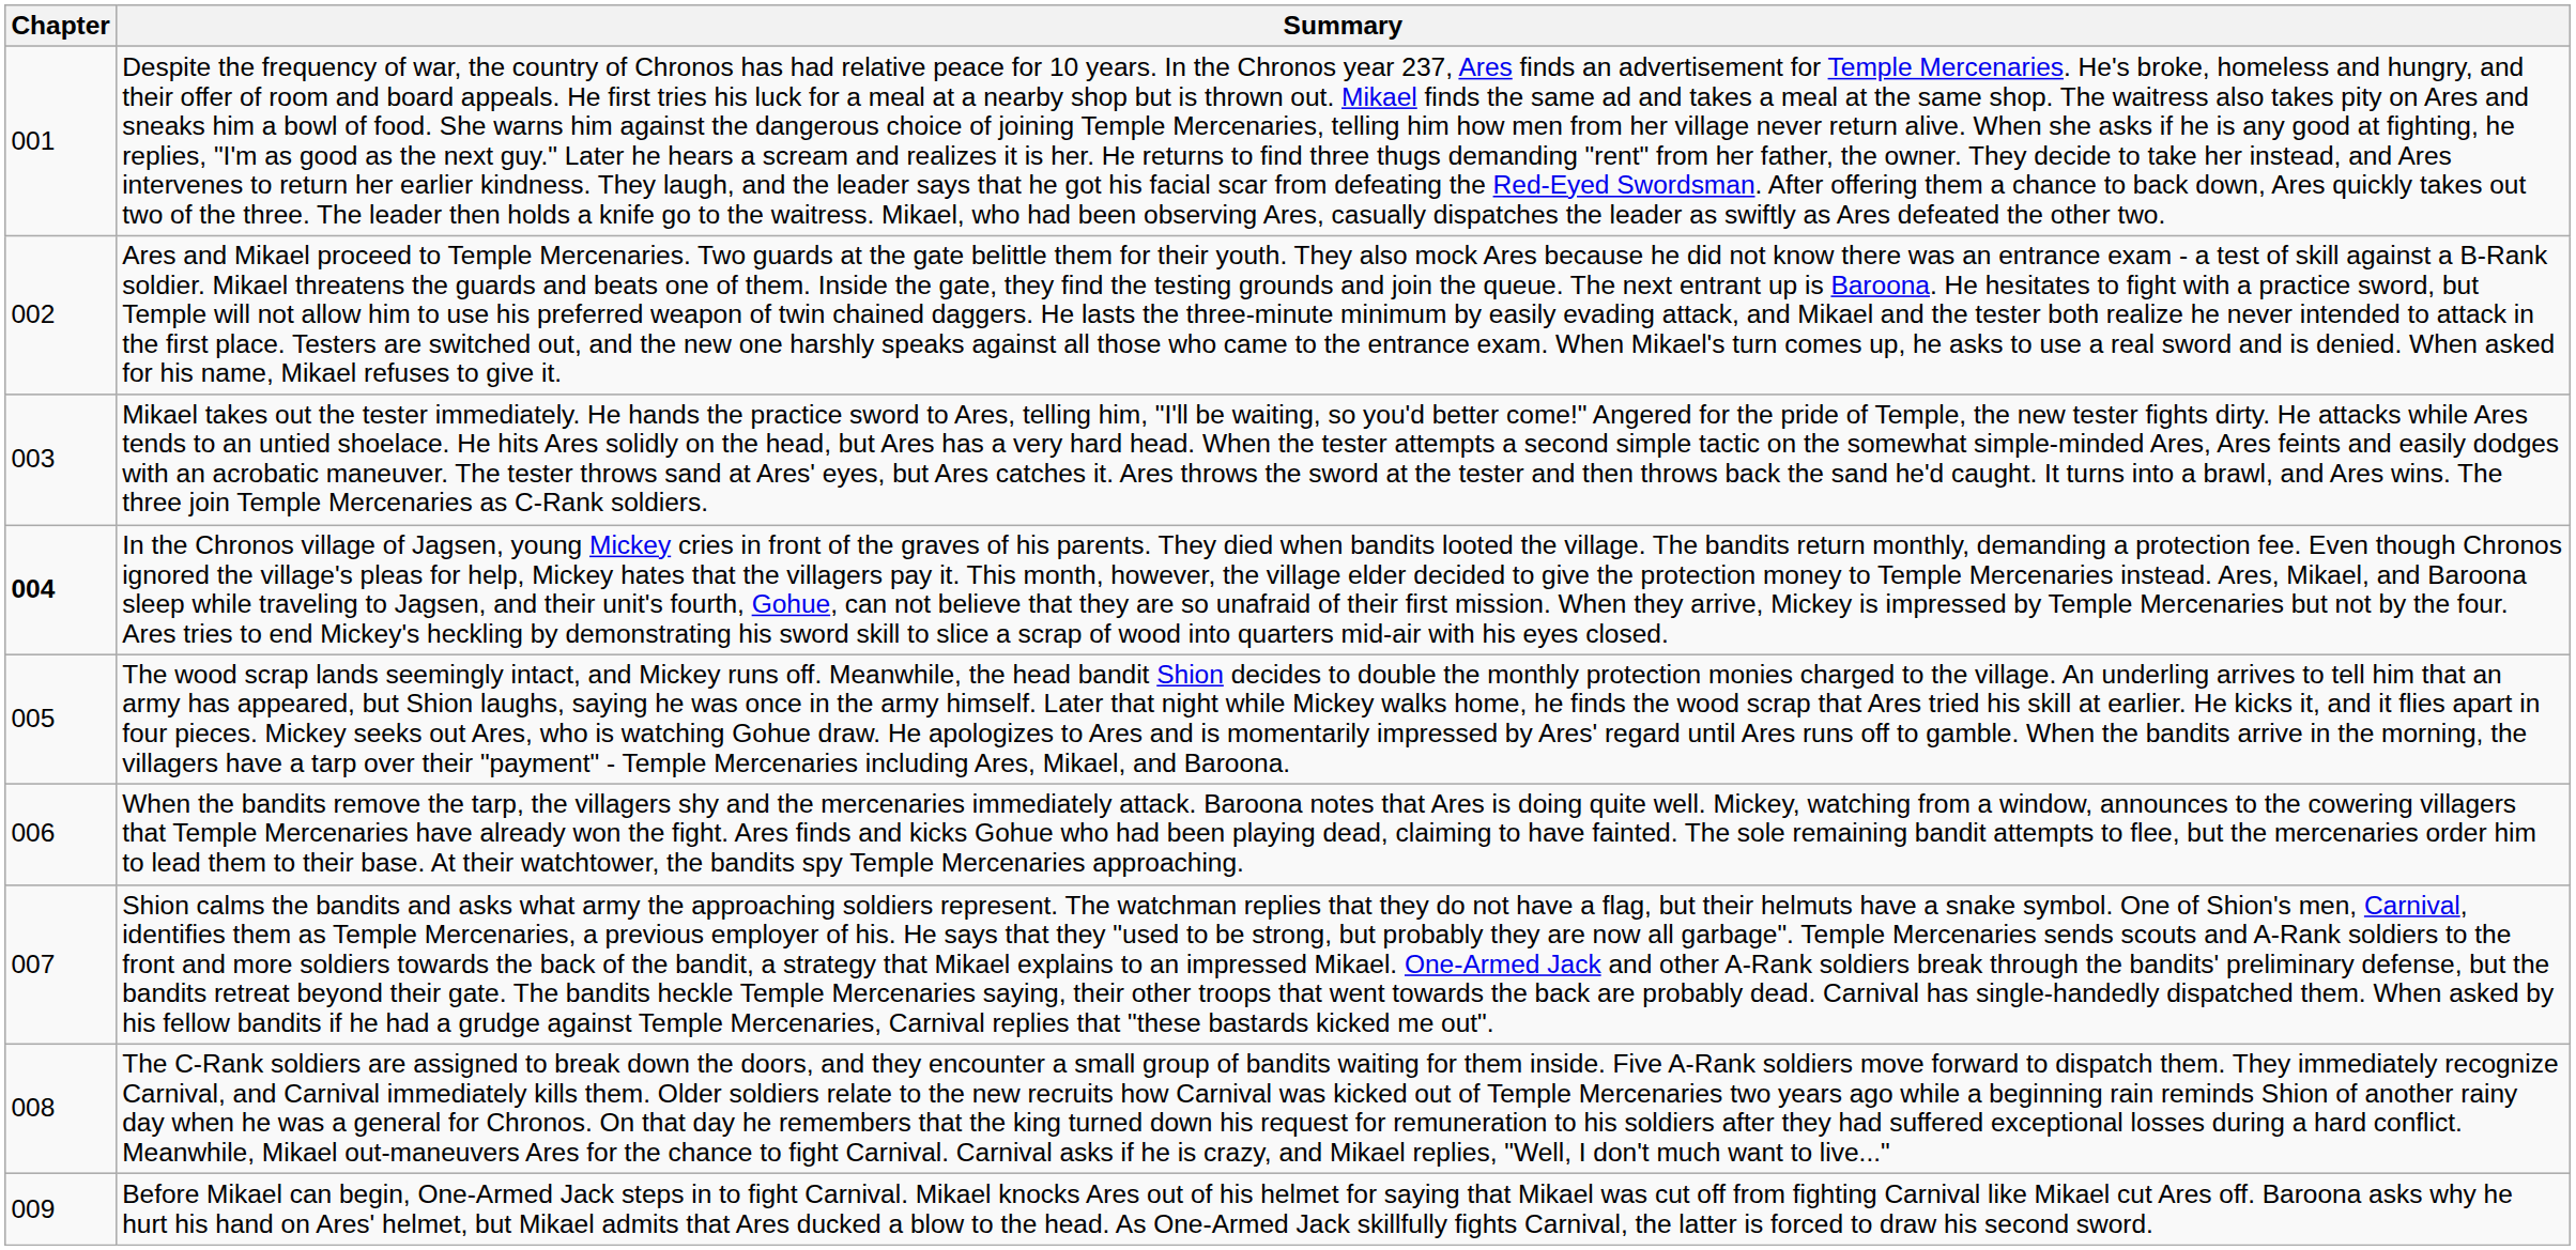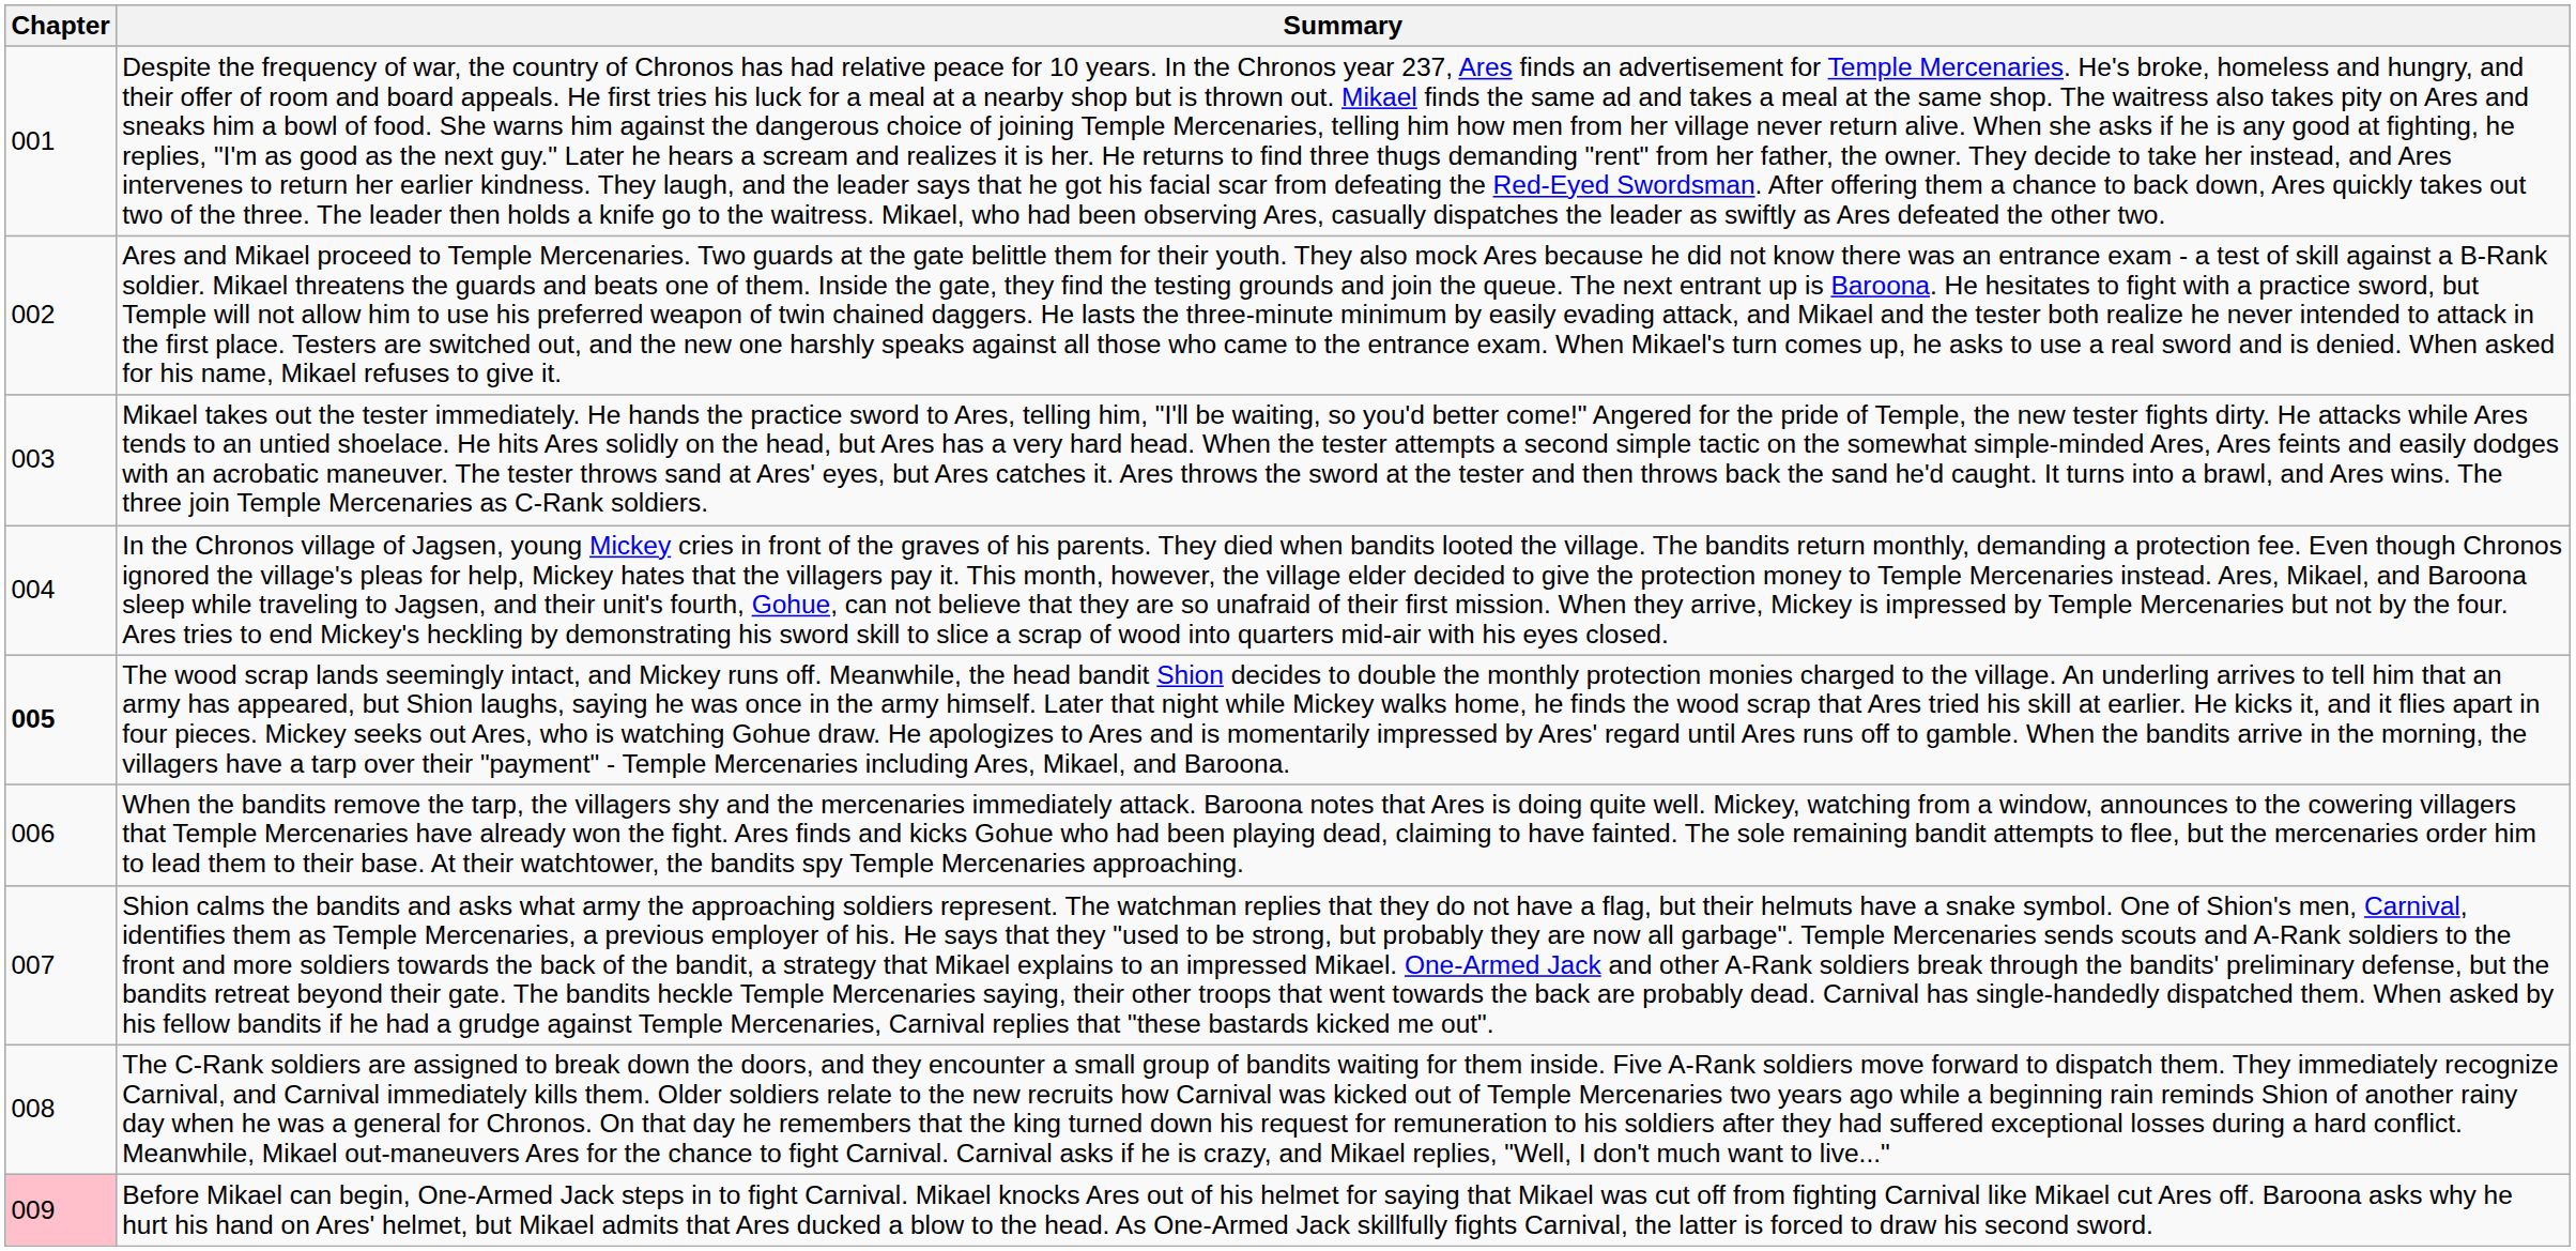 <table class="wikitable">
 <tr>
 <th>Chapter</th>
 <th>Summary</th>
 </tr>
 <tr>
 <td>001</td>
 <td>Despite the frequency of war, the country of Chronos has had relative peace for 10 years. In the Chronos year 237, <a href='#'>Ares</a> finds an advertisement for <a href='#'>Temple Mercenaries</a>. He's broke, homeless and hungry, and their offer of room and board appeals. He first tries his luck for a meal at a nearby shop but is thrown out. <a href='#'>Mikael</a> finds the same ad and takes a meal at the same shop. The waitress also takes pity on Ares and sneaks him a bowl of food. She warns him against the dangerous choice of joining Temple Mercenaries, telling him how men from her village never return alive. When she asks if he is any good at fighting, he replies, "I'm as good as the next guy." Later he hears a scream and realizes it is her. He returns to find three thugs demanding "rent" from her father, the owner. They decide to take her instead, and Ares intervenes to return her earlier kindness. They laugh, and the leader says that he got his facial scar from defeating the <a href='#'>Red-Eyed Swordsman</a>. After offering them a chance to back down, Ares quickly takes out two of the three. The leader then holds a knife go to the waitress. Mikael, who had been observing Ares, casually dispatches the leader as swiftly as Ares defeated the other two.</td>
 </tr>
 <tr>
 <td>002</td>
 <td>Ares and Mikael proceed to Temple Mercenaries. Two guards at the gate belittle them for their youth. They also mock Ares because he did not know there was an entrance exam - a test of skill against a B-Rank soldier. Mikael threatens the guards and beats one of them. Inside the gate, they find the testing grounds and join the queue. The next entrant up is <a href='#'>Baroona</a>. He hesitates to fight with a practice sword, but Temple will not allow him to use his preferred weapon of twin chained daggers. He lasts the three-minute minimum by easily evading attack, and Mikael and the tester both realize he never intended to attack in the first place. Testers are switched out, and the new one harshly speaks against all those who came to the entrance exam. When Mikael's turn comes up, he asks to use a real sword and is denied. When asked for his name, Mikael refuses to give it.</td>
 </tr>
 <tr>
 <td>003</td>
 <td>Mikael takes out the tester immediately. He hands the practice sword to Ares, telling him, "I'll be waiting, so you'd better come!" Angered for the pride of Temple, the new tester fights dirty. He attacks while Ares tends to an untied shoelace. He hits Ares solidly on the head, but Ares has a very hard head. When the tester attempts a second simple tactic on the somewhat simple-minded Ares, Ares feints and easily dodges with an acrobatic maneuver. The tester throws sand at Ares' eyes, but Ares catches it. Ares throws the sword at the tester and then throws back the sand he'd caught. It turns into a brawl, and Ares wins. The three join Temple Mercenaries as C-Rank soldiers.</td>
 </tr>
 <tr>
-<td><strong>004</strong></td>
+<td>004</td>
 <td>In the Chronos village of Jagsen, young <a href='#'>Mickey</a> cries in front of the graves of his parents. They died when bandits looted the village. The bandits return monthly, demanding a protection fee. Even though Chronos ignored the village's pleas for help, Mickey hates that the villagers pay it. This month, however, the village elder decided to give the protection money to Temple Mercenaries instead. Ares, Mikael, and Baroona sleep while traveling to Jagsen, and their unit's fourth, <a href='#'>Gohue</a>, can not believe that they are so unafraid of their first mission. When they arrive, Mickey is impressed by Temple Mercenaries but not by the four. Ares tries to end Mickey's heckling by demonstrating his sword skill to slice a scrap of wood into quarters mid-air with his eyes closed.</td>
 </tr>
 <tr>
-<td>005</td>
+<td><strong>005</strong></td>
 <td>The wood scrap lands seemingly intact, and Mickey runs off. Meanwhile, the head bandit <a href='#'>Shion</a> decides to double the monthly protection monies charged to the village. An underling arrives to tell him that an army has appeared, but Shion laughs, saying he was once in the army himself. Later that night while Mickey walks home, he finds the wood scrap that Ares tried his skill at earlier. He kicks it, and it flies apart in four pieces. Mickey seeks out Ares, who is watching Gohue draw. He apologizes to Ares and is momentarily impressed by Ares' regard until Ares runs off to gamble. When the bandits arrive in the morning, the villagers have a tarp over their "payment" - Temple Mercenaries including Ares, Mikael, and Baroona.</td>
 </tr>
 <tr>
 <td>006</td>
 <td>When the bandits remove the tarp, the villagers shy and the mercenaries immediately attack. Baroona notes that Ares is doing quite well. Mickey, watching from a window, announces to the cowering villagers that Temple Mercenaries have already won the fight. Ares finds and kicks Gohue who had been playing dead, claiming to have fainted. The sole remaining bandit attempts to flee, but the mercenaries order him to lead them to their base. At their watchtower, the bandits spy Temple Mercenaries approaching.</td>
 </tr>
 <tr>
 <td>007</td>
 <td>Shion calms the bandits and asks what army the approaching soldiers represent. The watchman replies that they do not have a flag, but their helmuts have a snake symbol. One of Shion's men, <a href='#'>Carnival</a>, identifies them as Temple Mercenaries, a previous employer of his. He says that they "used to be strong, but probably they are now all garbage". Temple Mercenaries sends scouts and A-Rank soldiers to the front and more soldiers towards the back of the bandit, a strategy that Mikael explains to an impressed Mikael. <a href='#'>One-Armed Jack</a> and other A-Rank soldiers break through the bandits' preliminary defense, but the bandits retreat beyond their gate. The bandits heckle Temple Mercenaries saying, their other troops that went towards the back are probably dead.  Carnival has single-handedly dispatched them. When asked by his fellow bandits if he had a grudge against Temple Mercenaries, Carnival replies that "these bastards kicked me out".</td>
 </tr>
 <tr>
 <td>008</td>
 <td>The C-Rank soldiers are assigned to break down the doors, and they encounter a small group of bandits waiting for them inside. Five A-Rank soldiers move forward to dispatch them. They immediately recognize Carnival, and Carnival immediately kills them. Older soldiers relate to the new recruits how Carnival was kicked out of Temple Mercenaries two years ago while a beginning rain reminds Shion of another rainy day when he was a general for Chronos. On that day he remembers that the king turned down his request for remuneration to his soldiers after they had suffered exceptional losses during a hard conflict. Meanwhile, Mikael out-maneuvers Ares for the chance to fight Carnival. Carnival asks if he is crazy, and Mikael replies, "Well, I don't much want to live..."</td>
 </tr>
 <tr>
-<td>009</td>
+<td style="background: pink;">009</td>
 <td>Before Mikael can begin, One-Armed Jack steps in to fight Carnival. Mikael knocks Ares out of his helmet for saying that Mikael was cut off from fighting Carnival like Mikael cut Ares off. Baroona asks why he hurt his hand on Ares' helmet, but Mikael admits that Ares ducked a blow to the head. As One-Armed Jack skillfully fights Carnival, the latter is forced to draw his second sword.</td>
 </tr>
 </table>
